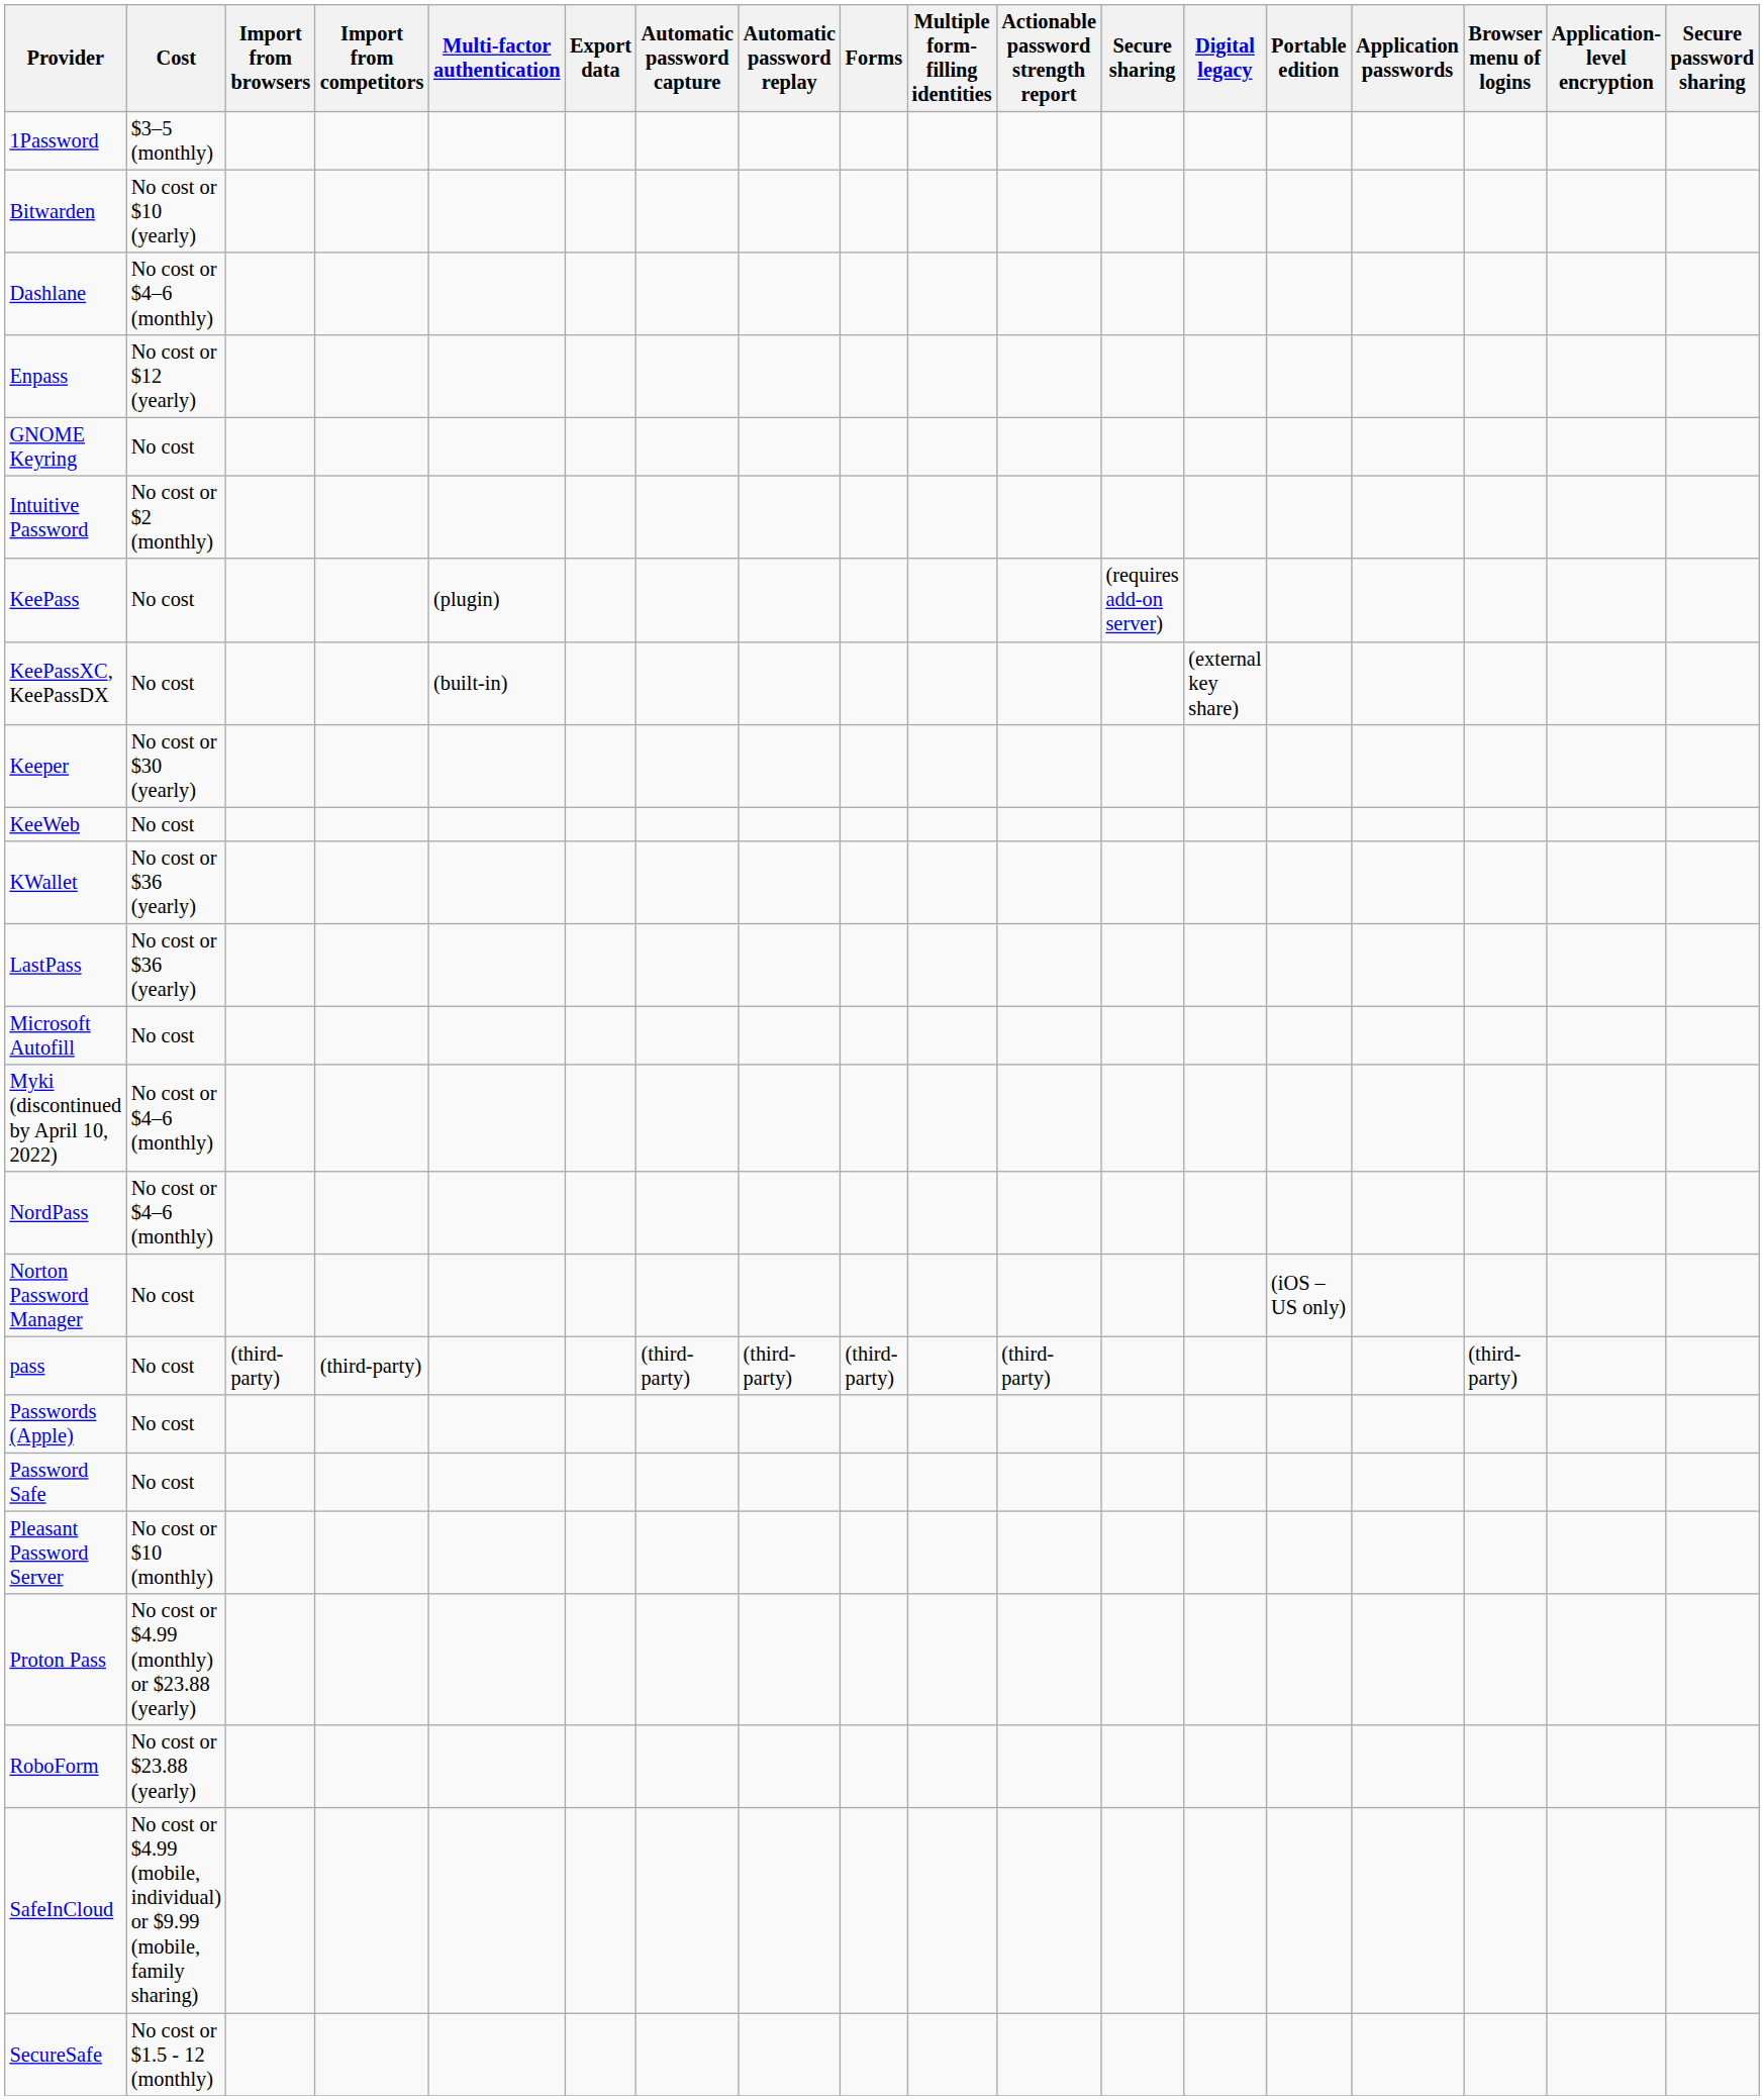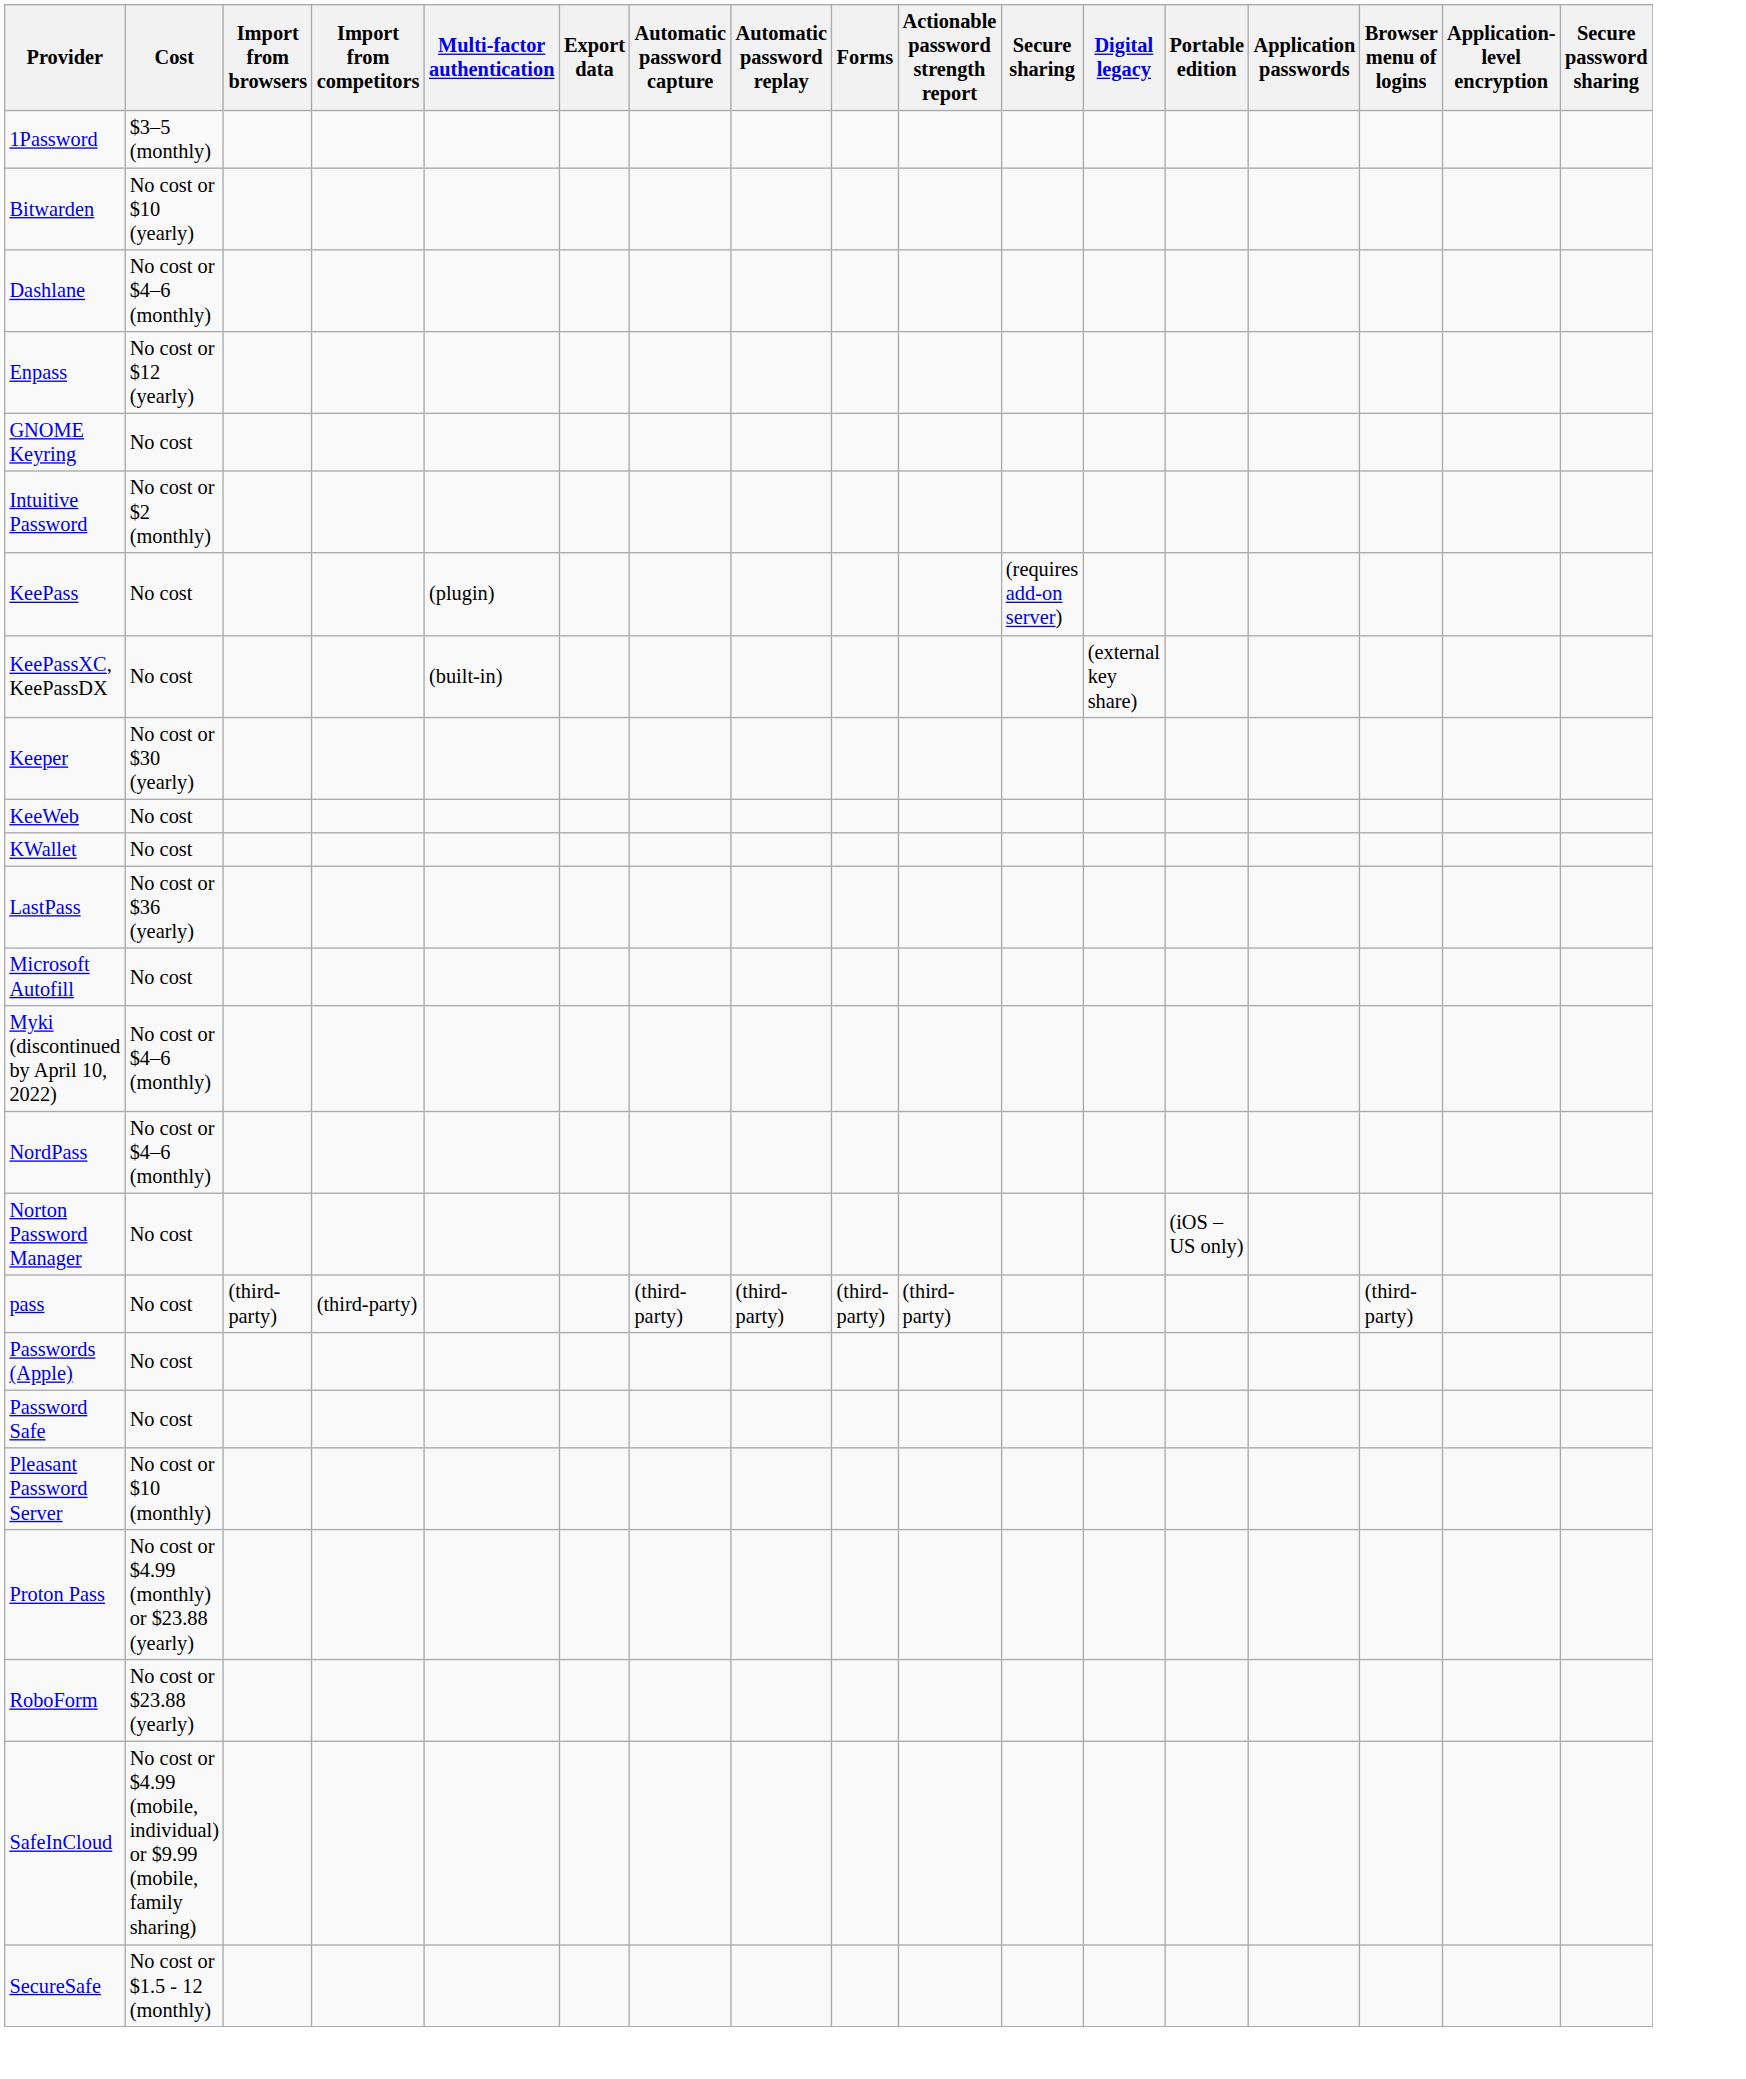 <table class="wikitable sortable sort-under" style="font-size: 95%;">
 <tr>
 <th>Provider</th>
 <th>Cost</th>
 <th>Import from browsers</th>
 <th>Import from competitors</th>
 <th><a href='#'>Multi-factor authentication</a></th>
 <th>Export data</th>
 <th>Automatic password capture</th>
 <th>Automatic password replay</th>
 <th>Forms</th>
-<th>Multiple form-filling identities</th>
 <th>Actionable password strength report</th>
 <th>Secure sharing</th>
 <th><a href='#'>Digital legacy</a></th>
 <th>Portable edition</th>
 <th>Application passwords</th>
 <th>Browser menu of logins</th>
 <th>Application-level encryption</th>
 <th>Secure password sharing</th>
 </tr>
 <tr>
 <td><a href='#'>1Password</a></td>
 <td>$3–5 (monthly)</td>
-<td></td>
 <td></td>
 <td></td>
 <td></td>
 <td></td>
 <td></td>
 <td></td>
 <td></td>
 <td></td>
 <td></td>
 <td></td>
 <td></td>
 <td></td>
 <td></td>
 <td></td>
 <td></td>
 </tr>
 <tr>
 <td><a href='#'>Bitwarden</a></td>
 <td>No cost or $10 (yearly)</td>
 <td></td>
 <td></td>
 <td></td>
 <td></td>
 <td></td>
 <td></td>
 <td></td>
 <td></td>
 <td></td>
 <td></td>
 <td></td>
 <td></td>
 <td></td>
 <td></td>
 <td></td>
-<td></td>
 </tr>
 <tr>
 <td><a href='#'>Dashlane</a></td>
 <td>No cost or $4–6 (monthly)</td>
-<td></td>
 <td></td>
 <td></td>
 <td></td>
 <td></td>
 <td></td>
 <td></td>
 <td></td>
 <td></td>
 <td></td>
 <td></td>
 <td></td>
 <td></td>
 <td></td>
 <td></td>
 <td></td>
 </tr>
 <tr>
 <td><a href='#'>Enpass</a></td>
 <td>No cost or $12 (yearly)</td>
 <td></td>
 <td></td>
 <td></td>
 <td></td>
 <td></td>
 <td></td>
 <td></td>
 <td></td>
 <td></td>
 <td></td>
 <td></td>
 <td></td>
 <td></td>
 <td></td>
 <td></td>
-<td></td>
 </tr>
 <tr>
 <td><a href='#'>GNOME Keyring</a></td>
 <td>No cost</td>
-<td></td>
 <td></td>
 <td></td>
 <td></td>
 <td></td>
 <td></td>
 <td></td>
 <td></td>
 <td></td>
 <td></td>
 <td></td>
 <td></td>
 <td></td>
 <td></td>
 <td></td>
 <td></td>
 </tr>
 <tr>
 <td><a href='#'>Intuitive Password</a></td>
 <td>No cost or $2 (monthly)</td>
 <td></td>
 <td></td>
 <td></td>
 <td></td>
 <td></td>
 <td></td>
 <td></td>
 <td></td>
 <td></td>
 <td></td>
 <td></td>
 <td></td>
 <td></td>
 <td></td>
 <td></td>
-<td></td>
 </tr>
 <tr>
 <td><a href='#'>KeePass</a></td>
 <td>No cost</td>
 <td></td>
 <td></td>
 <td> (plugin)</td>
-<td></td>
 <td></td>
 <td></td>
 <td></td>
 <td></td>
 <td></td>
 <td> (requires <a href='#'>add-on server</a>)</td>
 <td></td>
 <td></td>
 <td></td>
 <td></td>
 <td></td>
 <td></td>
 </tr>
 <tr>
 <td><a href='#'>KeePassXC</a>, KeePassDX</td>
 <td>No cost</td>
 <td></td>
 <td></td>
 <td> (built-in)</td>
 <td></td>
 <td></td>
 <td></td>
 <td></td>
 <td></td>
 <td></td>
-<td></td>
 <td> (external key share)</td>
 <td></td>
 <td></td>
 <td></td>
 <td></td>
 <td></td>
 </tr>
 <tr>
 <td><a href='#'>Keeper</a></td>
 <td>No cost or $30 (yearly)</td>
-<td></td>
 <td></td>
 <td></td>
 <td></td>
 <td></td>
 <td></td>
 <td></td>
 <td></td>
 <td></td>
 <td></td>
 <td></td>
 <td></td>
 <td></td>
 <td></td>
 <td></td>
 <td></td>
 </tr>
 <tr>
 <td><a href='#'>KeeWeb</a></td>
 <td>No cost</td>
 <td></td>
 <td></td>
 <td></td>
 <td></td>
 <td></td>
 <td></td>
 <td></td>
 <td></td>
 <td></td>
 <td></td>
 <td></td>
 <td></td>
 <td></td>
 <td></td>
 <td></td>
-<td></td>
 </tr>
 <tr>
 <td><a href='#'>KWallet</a></td>
-<td>No cost or $36 (yearly)</td>
-<td></td>
+<td>No cost</td>
 <td></td>
 <td></td>
 <td></td>
 <td></td>
 <td></td>
 <td></td>
 <td></td>
 <td></td>
 <td></td>
 <td></td>
 <td></td>
 <td></td>
 <td></td>
 <td></td>
 <td></td>
 </tr>
 <tr>
 <td><a href='#'>LastPass</a></td>
 <td>No cost or $36 (yearly)</td>
 <td></td>
 <td></td>
 <td></td>
 <td></td>
 <td></td>
 <td></td>
 <td></td>
 <td></td>
 <td></td>
 <td></td>
 <td></td>
 <td></td>
 <td></td>
 <td></td>
 <td></td>
-<td></td>
 </tr>
 <tr>
 <td><a href='#'>Microsoft Autofill</a></td>
 <td>No cost</td>
-<td></td>
 <td></td>
 <td></td>
 <td></td>
 <td></td>
 <td></td>
 <td></td>
 <td></td>
 <td></td>
 <td></td>
 <td></td>
 <td></td>
 <td></td>
 <td></td>
 <td></td>
 <td></td>
 </tr>
 <tr>
 <td><a href='#'>Myki</a> (discontinued by April 10, 2022)</td>
 <td>No cost or $4–6 (monthly)</td>
 <td></td>
 <td></td>
 <td></td>
 <td></td>
 <td></td>
 <td></td>
 <td></td>
 <td></td>
 <td></td>
 <td></td>
 <td></td>
 <td></td>
 <td></td>
 <td></td>
 <td></td>
-<td></td>
 </tr>
 <tr>
 <td><a href='#'>NordPass</a></td>
 <td>No cost or $4–6 (monthly)</td>
-<td></td>
 <td></td>
 <td></td>
 <td></td>
 <td></td>
 <td></td>
 <td></td>
 <td></td>
 <td></td>
 <td></td>
 <td></td>
 <td></td>
 <td></td>
 <td></td>
 <td></td>
 <td></td>
 </tr>
 <tr>
 <td><a href='#'>Norton Password Manager</a></td>
 <td>No cost</td>
 <td></td>
 <td></td>
 <td></td>
 <td></td>
 <td></td>
 <td></td>
 <td></td>
 <td></td>
 <td></td>
 <td></td>
-<td></td>
 <td> (iOS – US only)</td>
 <td></td>
 <td></td>
 <td></td>
 <td></td>
 </tr>
 <tr>
 <td><a href='#'>pass</a></td>
 <td>No cost</td>
 <td> (third-party)</td>
 <td> (third-party)</td>
 <td></td>
 <td></td>
 <td> (third-party)</td>
 <td> (third-party)</td>
 <td> (third-party)</td>
-<td></td>
 <td> (third-party)</td>
 <td></td>
 <td></td>
 <td></td>
 <td></td>
 <td> (third-party)</td>
 <td></td>
 <td></td>
 </tr>
 <tr>
 <td><a href='#'>Passwords (Apple)</a></td>
 <td>No cost</td>
-<td></td>
 <td></td>
 <td></td>
 <td></td>
 <td></td>
 <td></td>
 <td></td>
 <td></td>
 <td></td>
 <td></td>
 <td></td>
 <td></td>
 <td></td>
 <td></td>
 <td></td>
 <td></td>
 </tr>
 <tr>
 <td><a href='#'>Password Safe</a></td>
 <td>No cost</td>
 <td></td>
 <td></td>
 <td></td>
 <td></td>
 <td></td>
 <td></td>
 <td></td>
 <td></td>
 <td></td>
 <td></td>
 <td></td>
 <td></td>
 <td></td>
 <td></td>
 <td></td>
-<td></td>
 </tr>
 <tr>
 <td><a href='#'>Pleasant Password Server</a></td>
 <td>No cost or $10 (monthly)</td>
-<td></td>
 <td></td>
 <td></td>
 <td></td>
 <td></td>
 <td></td>
 <td></td>
 <td></td>
 <td></td>
 <td></td>
 <td></td>
 <td></td>
 <td></td>
 <td></td>
 <td></td>
 <td></td>
 </tr>
 <tr>
 <td><a href='#'>Proton Pass</a></td>
 <td>No cost or $4.99 (monthly) or $23.88 (yearly)</td>
 <td></td>
 <td></td>
 <td></td>
 <td></td>
 <td></td>
 <td></td>
 <td></td>
 <td></td>
 <td></td>
 <td></td>
 <td></td>
 <td></td>
 <td></td>
 <td></td>
 <td></td>
-<td></td>
 </tr>
 <tr>
 <td><a href='#'>RoboForm</a></td>
 <td>No cost or $23.88 (yearly)</td>
-<td></td>
 <td></td>
 <td></td>
 <td></td>
 <td></td>
 <td></td>
 <td></td>
 <td></td>
 <td></td>
 <td></td>
 <td></td>
 <td></td>
 <td></td>
 <td></td>
 <td></td>
 <td></td>
 </tr>
 <tr>
 <td><a href='#'>SafeInCloud</a></td>
 <td>No cost or $4.99 (mobile, individual) or $9.99 (mobile, family sharing)</td>
 <td></td>
 <td></td>
 <td></td>
 <td></td>
 <td></td>
 <td></td>
 <td></td>
 <td></td>
 <td></td>
 <td></td>
 <td></td>
 <td></td>
 <td></td>
 <td></td>
 <td></td>
-<td></td>
 </tr>
 <tr>
 <td><a href='#'>SecureSafe</a></td>
 <td>No cost or $1.5 - 12 (monthly) </td>
 <td></td>
 <td></td>
 <td></td>
 <td></td>
 <td></td>
 <td></td>
 <td></td>
 <td></td>
 <td></td>
 <td></td>
 <td></td>
 <td></td>
 <td></td>
 <td></td>
 <td></td>
-<td></td>
 </tr>
 </table>
